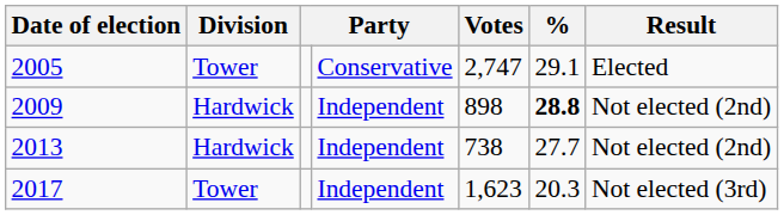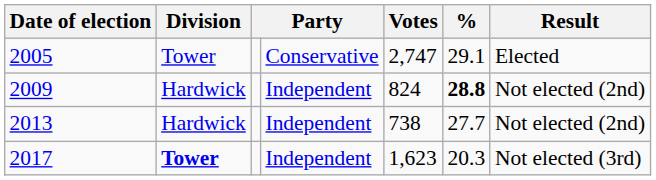 <table class="wikitable">
 <tr>
 <th>Date of election</th>
 <th>Division</th>
 <th colspan="2">Party</th>
 <th>Votes</th>
 <th>%</th>
 <th>Result</th>
 </tr>
 <tr>
 <td><a href='#'>2005</a></td>
 <td><a href='#'>Tower</a></td>
 <td style="background-color: "></td>
 <td><a href='#'>Conservative</a></td>
 <td>2,747</td>
 <td>29.1</td>
 <td>Elected</td>
 </tr>
 <tr>
 <td><a href='#'>2009</a></td>
 <td><a href='#'>Hardwick</a></td>
 <td style="background-color: "></td>
 <td><a href='#'>Independent</a></td>
-<td>898</td>
+<td>824</td>
 <td><strong>28.8</strong></td>
 <td>Not elected (2nd)</td>
 </tr>
 <tr>
 <td><a href='#'>2013</a></td>
 <td><a href='#'>Hardwick</a></td>
 <td style="background-color: "></td>
 <td><a href='#'>Independent</a></td>
 <td>738</td>
 <td>27.7</td>
 <td>Not elected (2nd)</td>
 </tr>
 <tr>
 <td><a href='#'>2017</a></td>
-<td><a href='#'>Tower</a></td>
+<td><strong><a href='#'>Tower</a></strong></td>
 <td style="background-color: "></td>
 <td><a href='#'>Independent</a></td>
 <td>1,623</td>
 <td>20.3</td>
 <td>Not elected (3rd)</td>
 </tr>
 </table>
